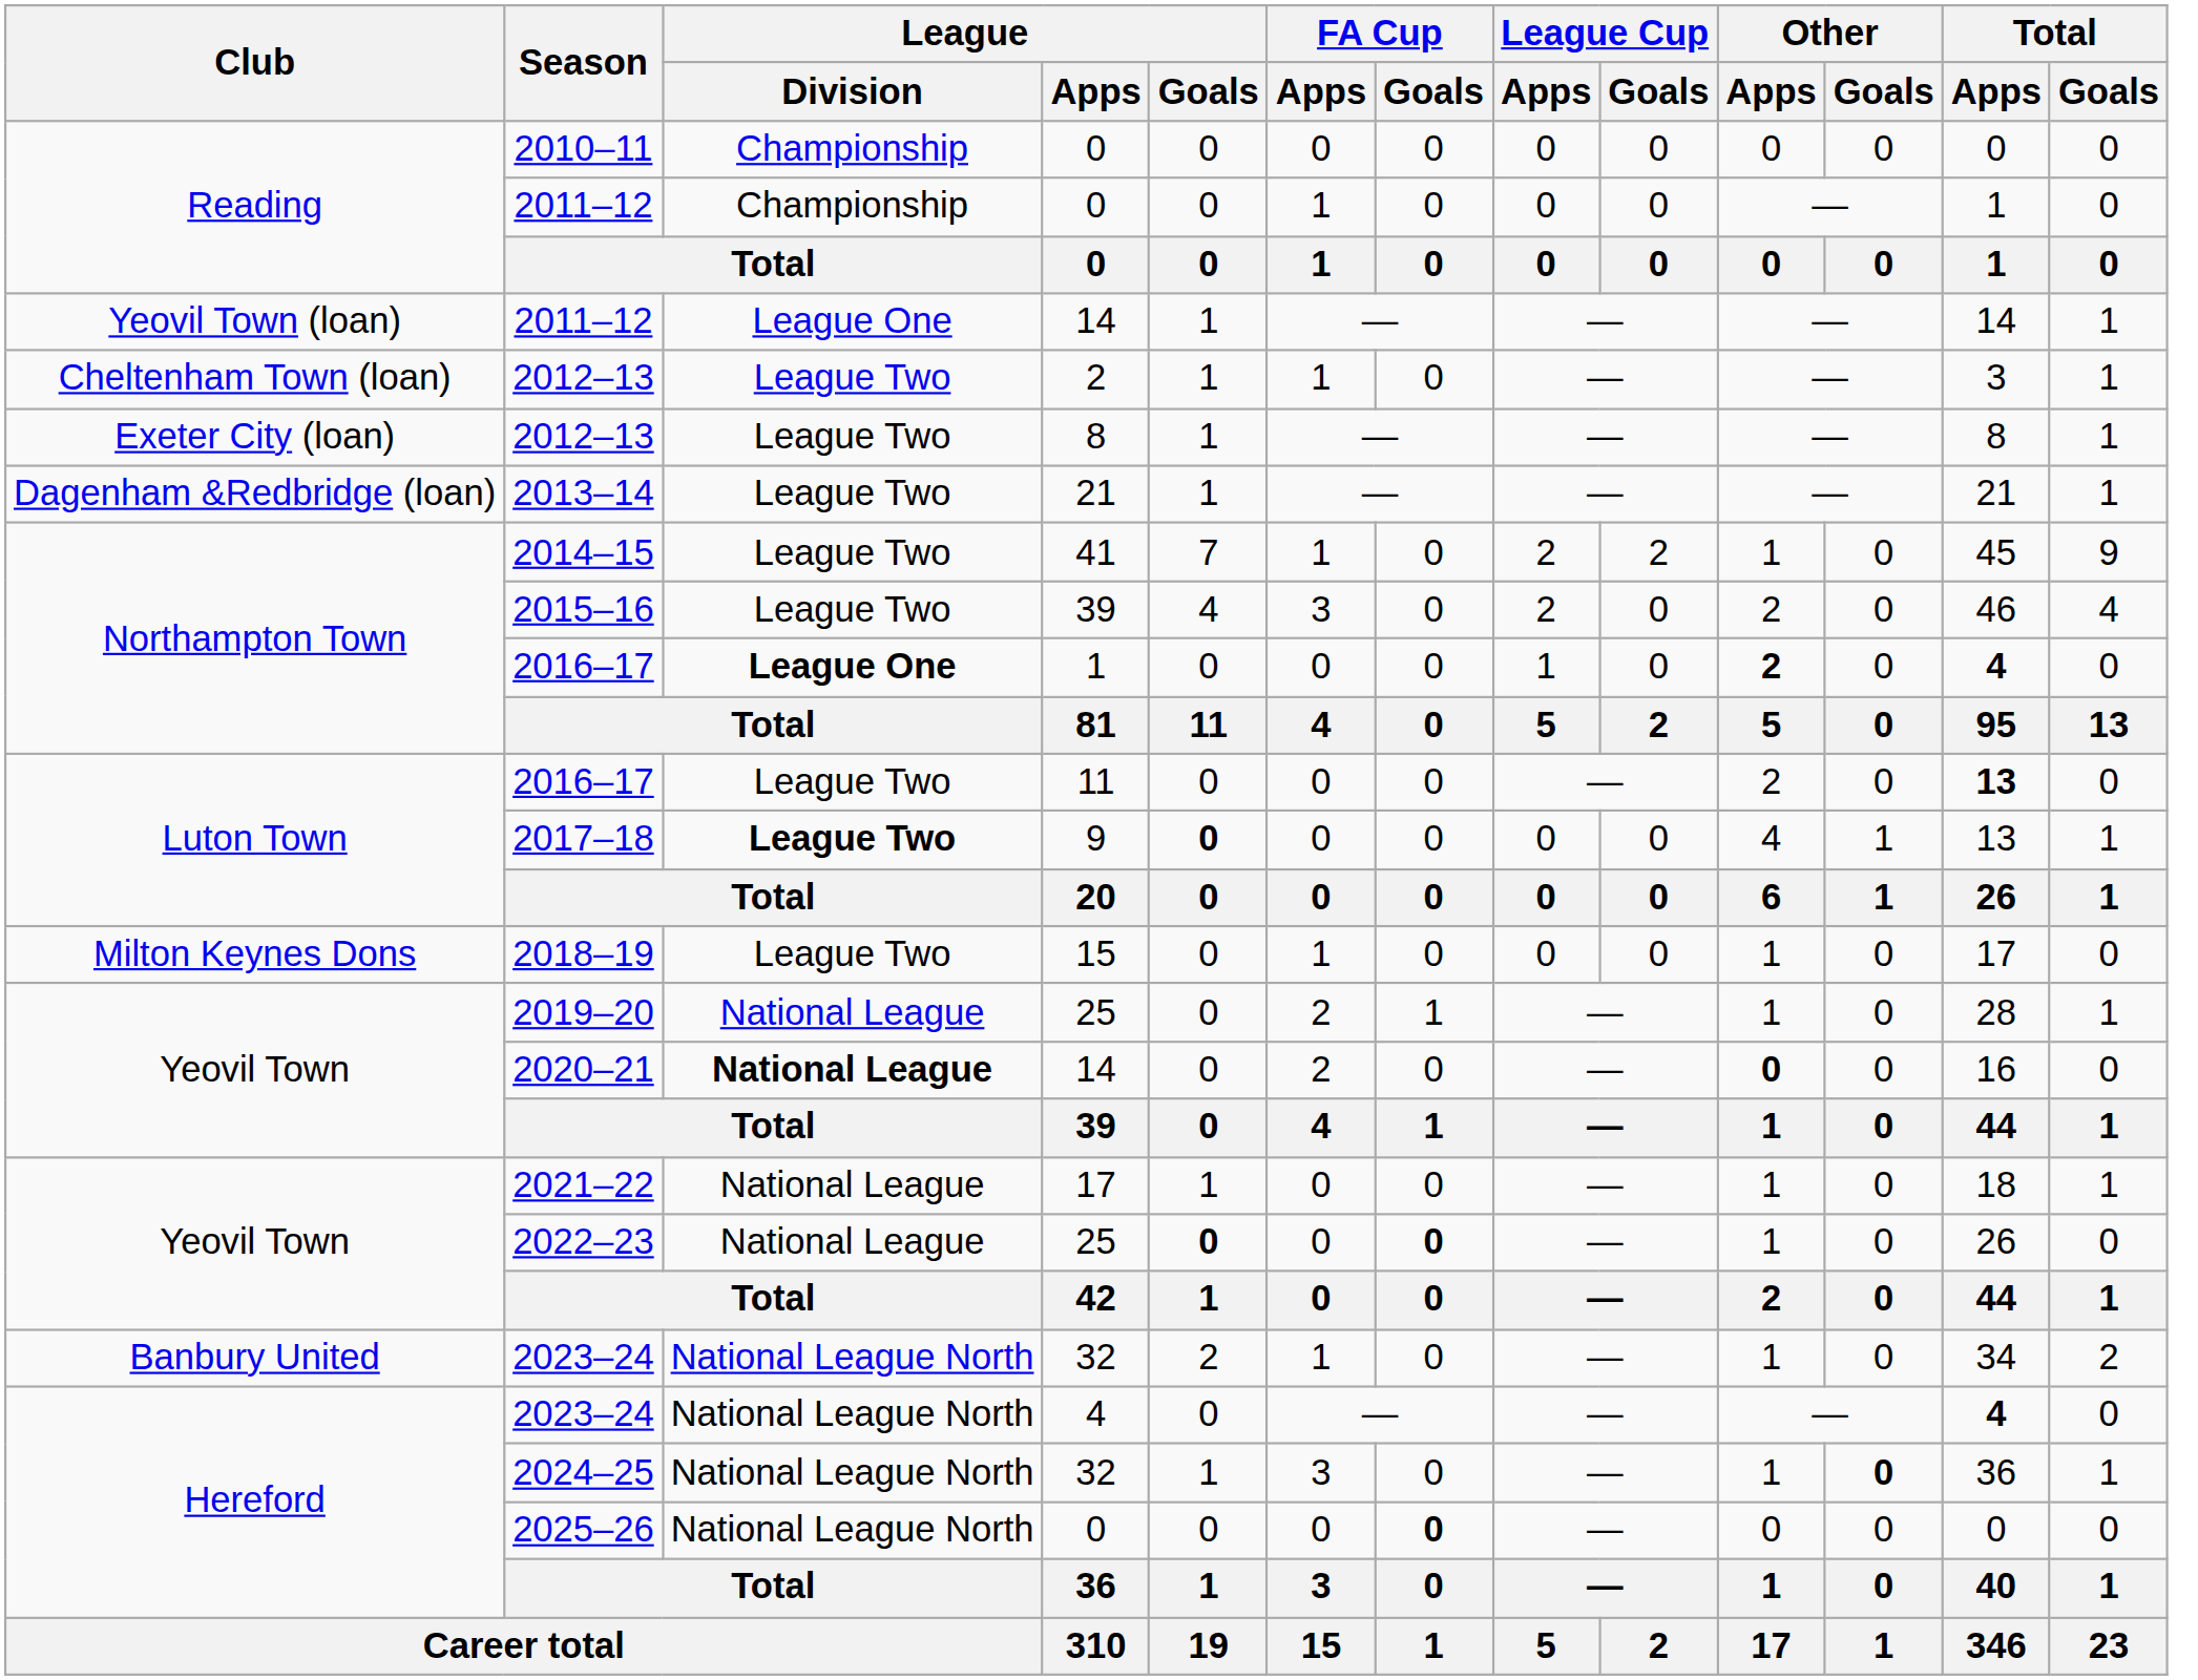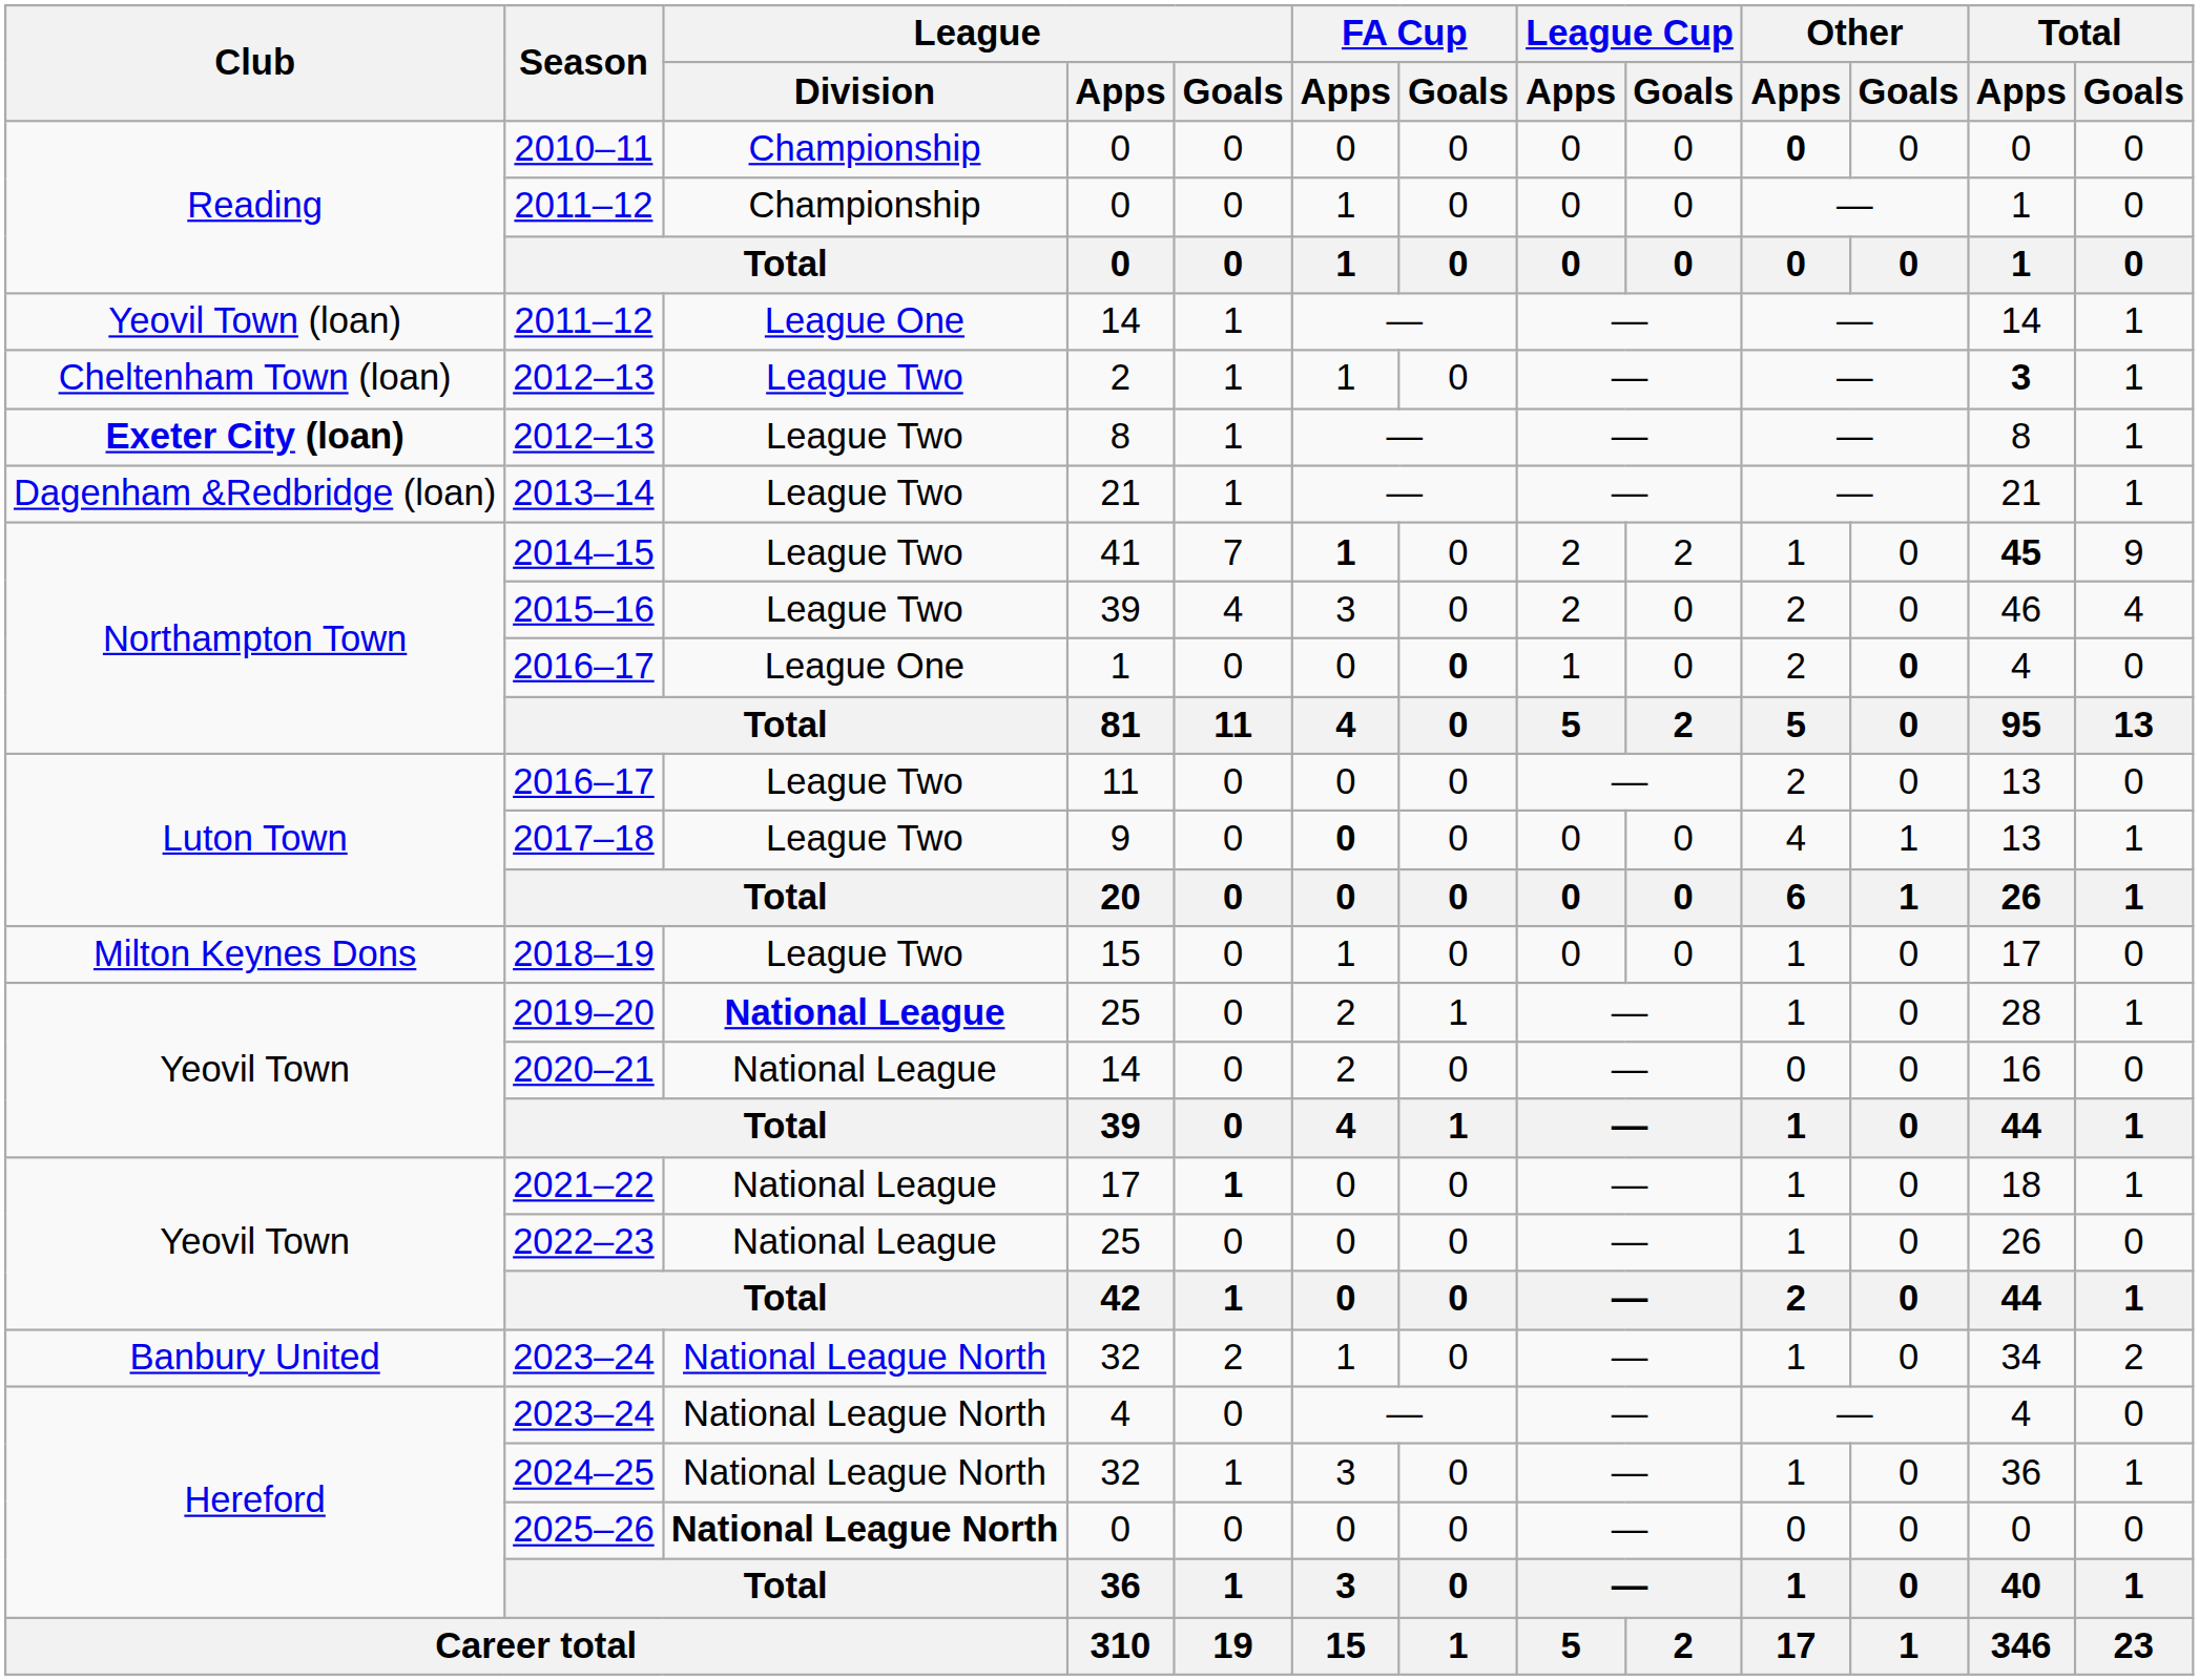 <table class=wikitable style=text-align:center>
 <tr>
 <th rowspan=2>Club</th>
 <th rowspan=2>Season</th>
 <th colspan=3>League</th>
 <th colspan=2><a href='#'>FA Cup</a></th>
 <th colspan=2><a href='#'>League Cup</a></th>
 <th colspan=2>Other</th>
 <th colspan=2>Total</th>
 </tr>
 <tr>
 <th>Division</th>
 <th>Apps</th>
 <th>Goals</th>
 <th>Apps</th>
 <th>Goals</th>
 <th>Apps</th>
 <th>Goals</th>
 <th>Apps</th>
 <th>Goals</th>
 <th>Apps</th>
 <th>Goals</th>
 </tr>
 <tr>
 <td rowspan=3><a href='#'>Reading</a></td>
 <td><a href='#'>2010–11</a></td>
 <td><a href='#'>Championship</a></td>
 <td>0</td>
 <td>0</td>
 <td>0</td>
 <td>0</td>
 <td>0</td>
 <td>0</td>
-<td>0</td>
+<td><strong>0</strong></td>
 <td>0</td>
 <td>0</td>
 <td>0</td>
 </tr>
 <tr>
 <td><a href='#'>2011–12</a></td>
 <td>Championship</td>
 <td>0</td>
 <td>0</td>
 <td>1</td>
 <td>0</td>
 <td>0</td>
 <td>0</td>
 <td colspan=2>—</td>
 <td>1</td>
 <td>0</td>
 </tr>
 <tr>
 <th colspan=2>Total</th>
 <th>0</th>
 <th>0</th>
 <th>1</th>
 <th>0</th>
 <th>0</th>
 <th>0</th>
 <th>0</th>
 <th>0</th>
 <th>1</th>
 <th>0</th>
 </tr>
 <tr>
 <td><a href='#'>Yeovil Town</a> (loan)</td>
 <td><a href='#'>2011–12</a></td>
 <td><a href='#'>League One</a></td>
 <td>14</td>
 <td>1</td>
 <td colspan=2>—</td>
 <td colspan=2>—</td>
 <td colspan=2>—</td>
 <td>14</td>
 <td>1</td>
 </tr>
 <tr>
 <td><a href='#'>Cheltenham Town</a> (loan)</td>
 <td><a href='#'>2012–13</a></td>
 <td><a href='#'>League Two</a></td>
 <td>2</td>
 <td>1</td>
 <td>1</td>
 <td>0</td>
 <td colspan=2>—</td>
 <td colspan=2>—</td>
-<td>3</td>
+<td><strong>3</strong></td>
 <td>1</td>
 </tr>
 <tr>
-<td><a href='#'>Exeter City</a> (loan)</td>
+<td><strong><a href='#'>Exeter City</a> (loan)</strong></td>
 <td><a href='#'>2012–13</a></td>
 <td>League Two</td>
 <td>8</td>
 <td>1</td>
 <td colspan=2>—</td>
 <td colspan=2>—</td>
 <td colspan=2>—</td>
 <td>8</td>
 <td>1</td>
 </tr>
 <tr>
 <td><a href='#'>Dagenham &Redbridge</a> (loan)</td>
 <td><a href='#'>2013–14</a></td>
 <td>League Two</td>
 <td>21</td>
 <td>1</td>
 <td colspan=2>—</td>
 <td colspan=2>—</td>
 <td colspan=2>—</td>
 <td>21</td>
 <td>1</td>
 </tr>
 <tr>
 <td rowspan=4><a href='#'>Northampton Town</a></td>
 <td><a href='#'>2014–15</a></td>
 <td>League Two</td>
 <td>41</td>
 <td>7</td>
-<td>1</td>
+<td><strong>1</strong></td>
 <td>0</td>
 <td>2</td>
 <td>2</td>
 <td>1</td>
 <td>0</td>
-<td>45</td>
+<td><strong>45</strong></td>
 <td>9</td>
 </tr>
 <tr>
 <td><a href='#'>2015–16</a></td>
 <td>League Two</td>
 <td>39</td>
 <td>4</td>
 <td>3</td>
 <td>0</td>
 <td>2</td>
 <td>0</td>
 <td>2</td>
 <td>0</td>
 <td>46</td>
 <td>4</td>
 </tr>
 <tr>
 <td><a href='#'>2016–17</a></td>
-<td><strong>League One</strong></td>
+<td>League One</td>
 <td>1</td>
 <td>0</td>
 <td>0</td>
-<td>0</td>
+<td><strong>0</strong></td>
 <td>1</td>
 <td>0</td>
-<td><strong>2</strong></td>
-<td>0</td>
-<td><strong>4</strong></td>
+<td>2</td>
+<td><strong>0</strong></td>
+<td>4</td>
 <td>0</td>
 </tr>
 <tr>
 <th colspan=2>Total</th>
 <th>81</th>
 <th>11</th>
 <th>4</th>
 <th>0</th>
 <th>5</th>
 <th>2</th>
 <th>5</th>
 <th>0</th>
 <th>95</th>
 <th>13</th>
 </tr>
 <tr>
 <td rowspan=3><a href='#'>Luton Town</a></td>
 <td><a href='#'>2016–17</a></td>
 <td>League Two</td>
 <td>11</td>
 <td>0</td>
 <td>0</td>
 <td>0</td>
 <td colspan=2>—</td>
 <td>2</td>
 <td>0</td>
-<td><strong>13</strong></td>
+<td>13</td>
 <td>0</td>
 </tr>
 <tr>
 <td><a href='#'>2017–18</a></td>
-<td><strong>League Two</strong></td>
+<td>League Two</td>
 <td>9</td>
+<td>0</td>
 <td><strong>0</strong></td>
-<td>0</td>
 <td>0</td>
 <td>0</td>
 <td>0</td>
 <td>4</td>
 <td>1</td>
 <td>13</td>
 <td>1</td>
 </tr>
 <tr>
 <th colspan=2>Total</th>
 <th>20</th>
 <th>0</th>
 <th>0</th>
 <th>0</th>
 <th>0</th>
 <th>0</th>
 <th>6</th>
 <th>1</th>
 <th>26</th>
 <th>1</th>
 </tr>
 <tr>
 <td><a href='#'>Milton Keynes Dons</a></td>
 <td><a href='#'>2018–19</a></td>
 <td>League Two</td>
 <td>15</td>
 <td>0</td>
 <td>1</td>
 <td>0</td>
 <td>0</td>
 <td>0</td>
 <td>1</td>
 <td>0</td>
 <td>17</td>
 <td>0</td>
 </tr>
 <tr>
 <td rowspan=3>Yeovil Town</td>
 <td><a href='#'>2019–20</a></td>
-<td><a href='#'>National League</a></td>
+<td><strong><a href='#'>National League</a></strong></td>
 <td>25</td>
 <td>0</td>
 <td>2</td>
 <td>1</td>
 <td colspan=2>—</td>
 <td>1</td>
 <td>0</td>
 <td>28</td>
 <td>1</td>
 </tr>
 <tr>
 <td><a href='#'>2020–21</a></td>
-<td><strong>National League</strong></td>
+<td>National League</td>
 <td>14</td>
 <td>0</td>
 <td>2</td>
 <td>0</td>
 <td colspan=2>—</td>
-<td><strong>0</strong></td>
+<td>0</td>
 <td>0</td>
 <td>16</td>
 <td>0</td>
 </tr>
 <tr>
 <th colspan=2>Total</th>
 <th>39</th>
 <th>0</th>
 <th>4</th>
 <th>1</th>
 <th colspan=2>—</th>
 <th>1</th>
 <th>0</th>
 <th>44</th>
 <th>1</th>
 </tr>
 <tr>
 <td rowspan=3>Yeovil Town</td>
 <td><a href='#'>2021–22</a></td>
 <td>National League</td>
 <td>17</td>
-<td>1</td>
+<td><strong>1</strong></td>
 <td>0</td>
 <td>0</td>
 <td colspan=2>—</td>
 <td>1</td>
 <td>0</td>
 <td>18</td>
 <td>1</td>
 </tr>
 <tr>
 <td><a href='#'>2022–23</a></td>
 <td>National League</td>
 <td>25</td>
-<td><strong>0</strong></td>
 <td>0</td>
-<td><strong>0</strong></td>
+<td>0</td>
+<td>0</td>
 <td colspan=2>—</td>
 <td>1</td>
 <td>0</td>
 <td>26</td>
 <td>0</td>
 </tr>
 <tr>
 <th colspan=2>Total</th>
 <th>42</th>
 <th>1</th>
 <th>0</th>
 <th>0</th>
 <th colspan=2>—</th>
 <th>2</th>
 <th>0</th>
 <th>44</th>
 <th>1</th>
 </tr>
 <tr>
 <td><a href='#'>Banbury United</a></td>
 <td><a href='#'>2023–24</a></td>
 <td><a href='#'>National League North</a></td>
 <td>32</td>
 <td>2</td>
 <td>1</td>
 <td>0</td>
 <td colspan=2>—</td>
 <td>1</td>
 <td>0</td>
 <td>34</td>
 <td>2</td>
 </tr>
 <tr>
 <td rowspan="4"><a href='#'>Hereford</a></td>
 <td><a href='#'>2023–24</a></td>
 <td>National League North</td>
 <td>4</td>
 <td>0</td>
 <td colspan=2>—</td>
 <td colspan=2>—</td>
 <td colspan=2>—</td>
-<td><strong>4</strong></td>
+<td>4</td>
 <td>0</td>
 </tr>
 <tr>
 <td><a href='#'>2024–25</a></td>
 <td>National League North</td>
 <td>32</td>
 <td>1</td>
 <td>3</td>
 <td>0</td>
 <td colspan=2>—</td>
 <td>1</td>
-<td><strong>0</strong></td>
+<td>0</td>
 <td>36</td>
 <td>1</td>
 </tr>
 <tr>
 <td><a href='#'>2025–26</a></td>
-<td>National League North</td>
+<td><strong>National League North</strong></td>
 <td>0</td>
 <td>0</td>
 <td>0</td>
-<td><strong>0</strong></td>
+<td>0</td>
 <td colspan=2>—</td>
 <td>0</td>
 <td>0</td>
 <td>0</td>
 <td>0</td>
 </tr>
 <tr>
 <th colspan=2>Total</th>
 <th>36</th>
 <th>1</th>
 <th>3</th>
 <th>0</th>
 <th colspan="2">—</th>
 <th>1</th>
 <th>0</th>
 <th>40</th>
 <th>1</th>
 </tr>
 <tr>
 <th colspan=3>Career total</th>
 <th>310</th>
 <th>19</th>
 <th>15</th>
 <th>1</th>
 <th>5</th>
 <th>2</th>
 <th>17</th>
 <th>1</th>
 <th>346</th>
 <th>23</th>
 </tr>
 </table>
